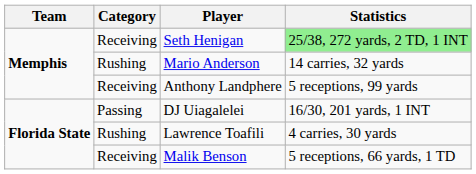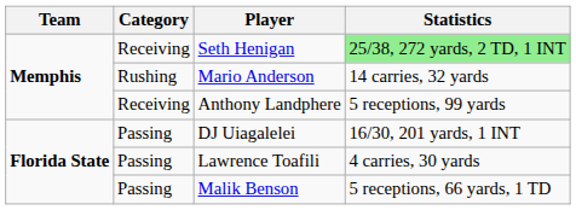 <table class="wikitable" style="float: right;">
 <tr>
 <th>Team</th>
 <th>Category</th>
 <th>Player</th>
 <th>Statistics</th>
 </tr>
 <tr>
 <td rowspan=3><strong>Memphis</strong></td>
 <td>Receiving</td>
 <td><a href='#'>Seth Henigan</a></td>
 <td style="background: lightgreen;">25/38, 272 yards, 2 TD, 1 INT</td>
 </tr>
 <tr>
 <td>Rushing</td>
 <td><a href='#'>Mario Anderson</a></td>
 <td>14 carries, 32 yards</td>
 </tr>
 <tr>
 <td>Receiving</td>
 <td>Anthony Landphere</td>
 <td>5 receptions, 99 yards</td>
 </tr>
 <tr>
 <td rowspan=3><strong>Florida State</strong></td>
 <td>Passing</td>
 <td>DJ Uiagalelei</td>
 <td>16/30, 201 yards, 1 INT</td>
 </tr>
 <tr>
-<td>Rushing</td>
+<td>Passing</td>
 <td>Lawrence Toafili</td>
 <td>4 carries, 30 yards</td>
 </tr>
 <tr>
-<td>Receiving</td>
+<td>Passing</td>
 <td><a href='#'>Malik Benson</a></td>
 <td>5 receptions, 66 yards, 1 TD</td>
 </tr>
 </table>
